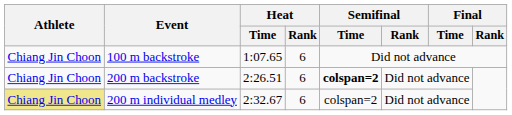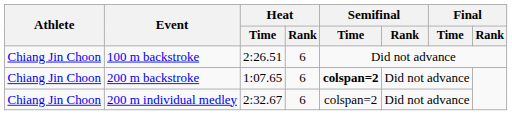 <table class=wikitable style="font-size:90%">
 <tr>
 <th rowspan=2>Athlete</th>
 <th rowspan=2>Event</th>
 <th colspan="2">Heat</th>
 <th colspan="2">Semifinal</th>
 <th colspan="2">Final</th>
 </tr>
 <tr style="font-size:95%">
 <th>Time</th>
 <th>Rank</th>
 <th>Time</th>
 <th>Rank</th>
 <th>Time</th>
 <th>Rank</th>
 </tr>
 <tr align=center>
 <td align=left><a href='#'>Chiang Jin Choon</a></td>
 <td align=left><a href='#'>100 m backstroke</a></td>
-<td>1:07.65</td>
+<td>2:26.51</td>
 <td>6</td>
 <td colspan=4>Did not advance</td>
 </tr>
 <tr align=center>
 <td align=left><a href='#'>Chiang Jin Choon</a></td>
 <td align=left><a href='#'>200 m backstroke</a></td>
-<td>2:26.51</td>
+<td>1:07.65</td>
 <td>6</td>
 <td><strong>colspan=2 </strong></td>
 <td colspan=2>Did not advance</td>
 </tr>
 <tr align=center>
-<td align=left style="background: khaki;"><a href='#'>Chiang Jin Choon</a></td>
+<td align=left><a href='#'>Chiang Jin Choon</a></td>
 <td align=left><a href='#'>200 m individual medley</a></td>
 <td>2:32.67</td>
 <td>6</td>
 <td>colspan=2 </td>
 <td colspan=2>Did not advance</td>
 </tr>
 </table>
